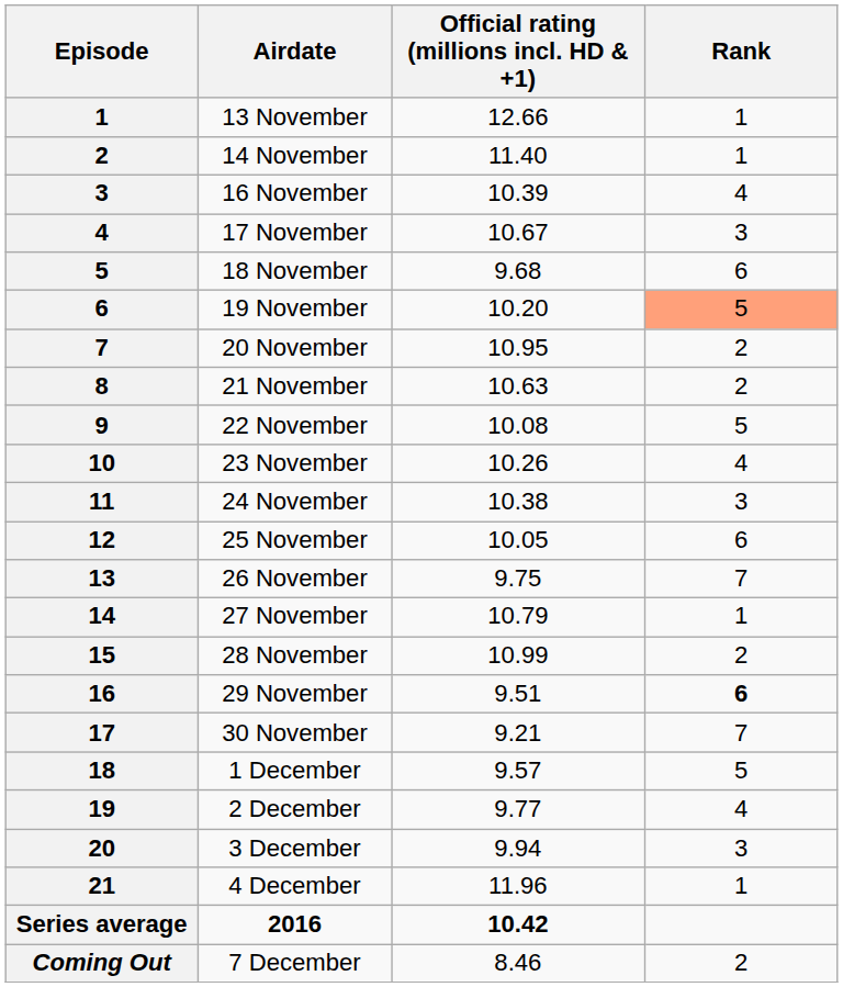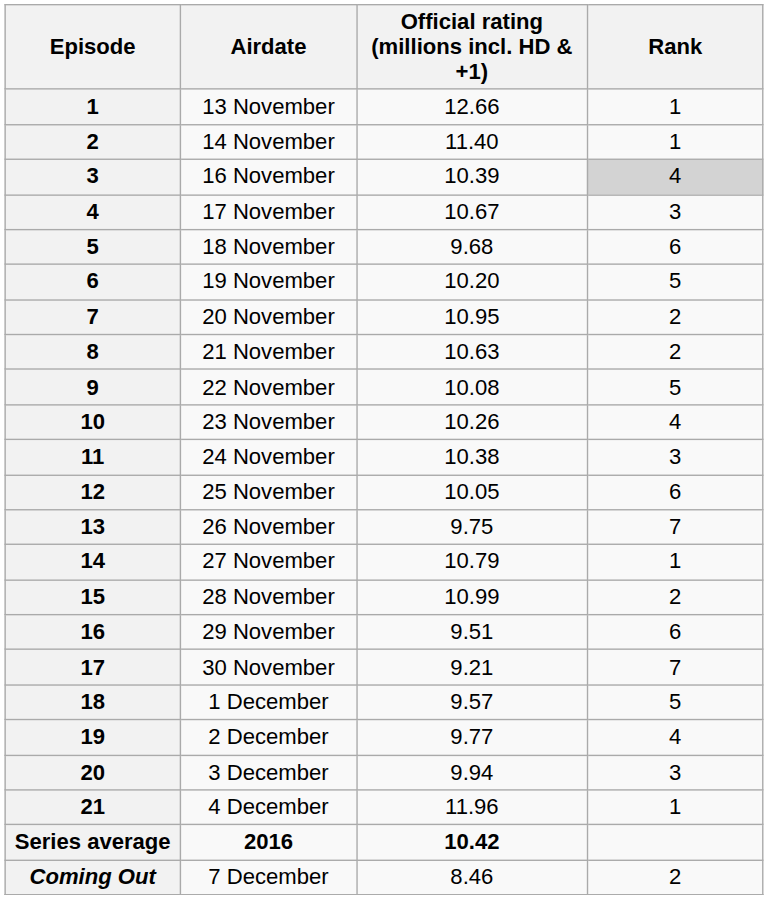 <table class="wikitable" style="text-align:center; margin: 1em auto 1em auto">
 <tr>
 <th scope="col" style="width:120px;">Episode</th>
 <th scope="col" style="width:120px;">Airdate</th>
 <th scope="col" style="width:160px;">Official rating<br>(millions incl. HD & +1)</th>
 <th scope="col" style="width:120px;">Rank</th>
 </tr>
 <tr>
 <th>1</th>
 <td>13 November</td>
 <td>12.66</td>
 <td>1</td>
 </tr>
 <tr>
 <th>2</th>
 <td>14 November</td>
 <td>11.40</td>
 <td>1</td>
 </tr>
 <tr>
 <th>3</th>
 <td>16 November</td>
 <td>10.39</td>
-<td>4</td>
+<td style="background: lightgrey;">4</td>
 </tr>
 <tr>
 <th>4</th>
 <td>17 November</td>
 <td>10.67</td>
 <td>3</td>
 </tr>
 <tr>
 <th>5</th>
 <td>18 November</td>
 <td>9.68</td>
 <td>6</td>
 </tr>
 <tr>
 <th>6</th>
 <td>19 November</td>
 <td>10.20</td>
-<td style="background: lightsalmon;">5</td>
+<td>5</td>
 </tr>
 <tr>
 <th>7</th>
 <td>20 November</td>
 <td>10.95</td>
 <td>2</td>
 </tr>
 <tr>
 <th>8</th>
 <td>21 November</td>
 <td>10.63</td>
 <td>2</td>
 </tr>
 <tr>
 <th>9</th>
 <td>22 November</td>
 <td>10.08</td>
 <td>5</td>
 </tr>
 <tr>
 <th>10</th>
 <td>23 November</td>
 <td>10.26</td>
 <td>4</td>
 </tr>
 <tr>
 <th>11</th>
 <td>24 November</td>
 <td>10.38</td>
 <td>3</td>
 </tr>
 <tr>
 <th>12</th>
 <td>25 November</td>
 <td>10.05</td>
 <td>6</td>
 </tr>
 <tr>
 <th>13</th>
 <td>26 November</td>
 <td>9.75</td>
 <td>7</td>
 </tr>
 <tr>
 <th>14</th>
 <td>27 November</td>
 <td>10.79</td>
 <td>1</td>
 </tr>
 <tr>
 <th>15</th>
 <td>28 November</td>
 <td>10.99</td>
 <td>2</td>
 </tr>
 <tr>
 <th>16</th>
 <td>29 November</td>
 <td>9.51</td>
-<td><strong>6</strong></td>
+<td>6</td>
 </tr>
 <tr>
 <th>17</th>
 <td>30 November</td>
 <td>9.21</td>
 <td>7</td>
 </tr>
 <tr>
 <th>18</th>
 <td>1 December</td>
 <td>9.57</td>
 <td>5</td>
 </tr>
 <tr>
 <th>19</th>
 <td>2 December</td>
 <td>9.77</td>
 <td>4</td>
 </tr>
 <tr>
 <th>20</th>
 <td>3 December</td>
 <td>9.94</td>
 <td>3</td>
 </tr>
 <tr>
 <th>21</th>
 <td>4 December</td>
 <td>11.96</td>
 <td>1</td>
 </tr>
 <tr>
 <th><strong>Series average</strong></th>
 <td><strong>2016</strong></td>
 <td><strong>10.42</strong></td>
 <td></td>
 </tr>
 <tr>
 <th><strong><em>Coming Out</em></strong></th>
 <td>7 December</td>
 <td>8.46</td>
 <td>2</td>
 </tr>
 <tr>
 </tr>
 </table>
